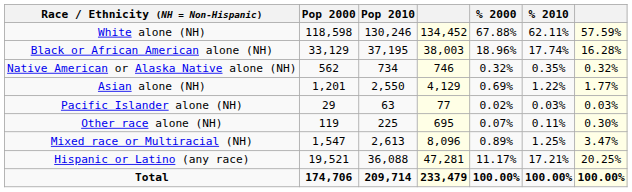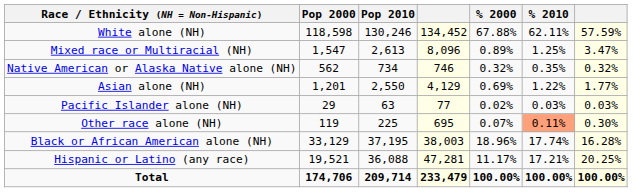 <table class="wikitable" style="text-align:center;">
 <tr>
 <th>Race / Ethnicity <small>(<em>NH = Non-Hispanic</em>)</small></th>
 <th>Pop 2000</th>
 <th>Pop 2010</th>
 <th></th>
 <th>% 2000</th>
 <th>% 2010</th>
 <th></th>
 </tr>
 <tr>
 <td><a href='#'>White</a> alone (NH)</td>
 <td>118,598</td>
 <td>130,246</td>
 <td style='background: #ffffe6;'>134,452</td>
 <td>67.88%</td>
 <td>62.11%</td>
 <td style='background: #ffffe6;'>57.59%</td>
 </tr>
 <tr>
-<td><a href='#'>Black or African American</a> alone (NH)</td>
-<td>33,129</td>
-<td>37,195</td>
-<td style='background: #ffffe6;'>38,003</td>
-<td>18.96%</td>
-<td>17.74%</td>
-<td style='background: #ffffe6;'>16.28%</td>
+<td><a href='#'>Mixed race or Multiracial</a> (NH)</td>
+<td>1,547</td>
+<td>2,613</td>
+<td style='background: #ffffe6;'>8,096</td>
+<td>0.89%</td>
+<td>1.25%</td>
+<td style='background: #ffffe6;'>3.47%</td>
 </tr>
 <tr>
 <td><a href='#'>Native American</a> or <a href='#'>Alaska Native</a> alone (NH)</td>
 <td>562</td>
 <td>734</td>
 <td style='background: #ffffe6;'>746</td>
 <td>0.32%</td>
 <td>0.35%</td>
 <td style='background: #ffffe6;'>0.32%</td>
 </tr>
 <tr>
 <td><a href='#'>Asian</a> alone (NH)</td>
 <td>1,201</td>
 <td>2,550</td>
 <td style='background: #ffffe6;'>4,129</td>
 <td>0.69%</td>
 <td>1.22%</td>
 <td style='background: #ffffe6;'>1.77%</td>
 </tr>
 <tr>
 <td><a href='#'>Pacific Islander</a> alone (NH)</td>
 <td>29</td>
 <td>63</td>
 <td style='background: #ffffe6;'>77</td>
 <td>0.02%</td>
 <td>0.03%</td>
 <td style='background: #ffffe6;'>0.03%</td>
 </tr>
 <tr>
 <td><a href='#'>Other race</a> alone (NH)</td>
 <td>119</td>
 <td>225</td>
 <td style='background: #ffffe6;'>695</td>
 <td>0.07%</td>
-<td>0.11%</td>
+<td style="background: lightsalmon;">0.11%</td>
 <td style='background: #ffffe6;'>0.30%</td>
 </tr>
 <tr>
-<td><a href='#'>Mixed race or Multiracial</a> (NH)</td>
-<td>1,547</td>
-<td>2,613</td>
-<td style='background: #ffffe6;'>8,096</td>
-<td>0.89%</td>
-<td>1.25%</td>
-<td style='background: #ffffe6;'>3.47%</td>
+<td><a href='#'>Black or African American</a> alone (NH)</td>
+<td>33,129</td>
+<td>37,195</td>
+<td style='background: #ffffe6;'>38,003</td>
+<td>18.96%</td>
+<td>17.74%</td>
+<td style='background: #ffffe6;'>16.28%</td>
 </tr>
 <tr>
 <td><a href='#'>Hispanic or Latino</a> (any race)</td>
 <td>19,521</td>
 <td>36,088</td>
 <td style='background: #ffffe6;'>47,281</td>
 <td>11.17%</td>
 <td>17.21%</td>
 <td style='background: #ffffe6;'>20.25%</td>
 </tr>
 <tr>
 <td><strong>Total</strong></td>
 <td><strong>174,706</strong></td>
 <td><strong>209,714</strong></td>
 <td style='background: #ffffe6;'><strong>233,479</strong></td>
 <td><strong>100.00%</strong></td>
 <td><strong>100.00%</strong></td>
 <td style='background: #ffffe6;'><strong>100.00%</strong></td>
 </tr>
 </table>
